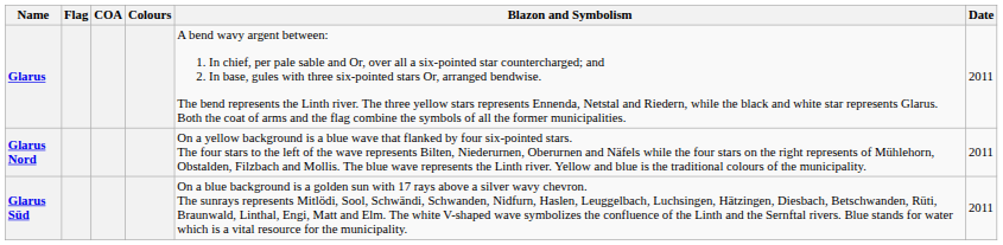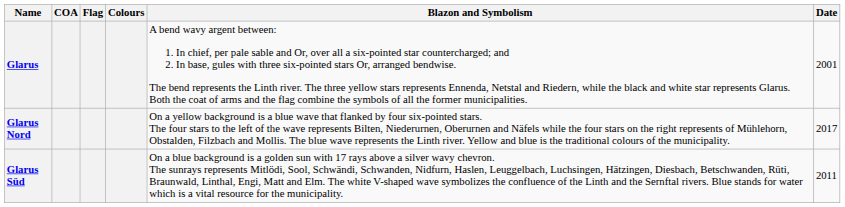 <table class="sortable wikitable">
 <tr>
 <th scope="col">Name</th>
+<th scope="col">COA</th>
 <th scope="col">Flag</th>
-<th scope="col">COA</th>
 <th scope="col">Colours</th>
 <th scope="col">Blazon and Symbolism</th>
 <th scope="col">Date</th>
 </tr>
 <tr>
 <th scope="row" style="text-align: left;"><a href='#'>Glarus</a></th>
 <th></th>
 <th></th>
 <th></th>
 <td>A bend wavy argent between:<br><ol><li>In chief, per pale sable and Or, over all a six-pointed star countercharged; and</li><li>In base, gules with three six-pointed stars Or, arranged bendwise.</li></ol>The bend represents the Linth river. The three yellow stars represents Ennenda, Netstal and Riedern, while the black and white star represents Glarus. Both the coat of arms and the flag combine the symbols of all the former municipalities.</td>
-<td>2011</td>
+<td>2001</td>
 </tr>
 <tr>
 <th scope="row" style="text-align: left;"><a href='#'>Glarus Nord</a></th>
 <th></th>
 <th></th>
 <th></th>
 <td>On a yellow background is a blue wave that flanked by four six-pointed stars.<br>The four stars to the left of the wave represents Bilten, Niederurnen, Oberurnen and Näfels while the four stars on the right represents of Mühlehorn, Obstalden, Filzbach and Mollis. The blue wave represents the Linth river. Yellow and blue is the traditional colours of the municipality.</td>
-<td>2011</td>
+<td>2017</td>
 </tr>
 <tr>
 <th scope="row" style="text-align: left;"><a href='#'>Glarus Süd</a></th>
 <th></th>
 <th></th>
 <th></th>
 <td>On a blue background is a golden sun with 17 rays above a silver wavy chevron.<br>The sunrays represents Mitlödi, Sool, Schwändi, Schwanden, Nidfurn, Haslen, Leuggelbach, Luchsingen, Hätzingen, Diesbach, Betschwanden, Rüti, Braunwald, Linthal, Engi, Matt and Elm. The white V-shaped wave symbolizes the confluence of the Linth and the Sernftal rivers. Blue stands for water which is a vital resource for the municipality.</td>
 <td>2011</td>
 </tr>
 </table>
